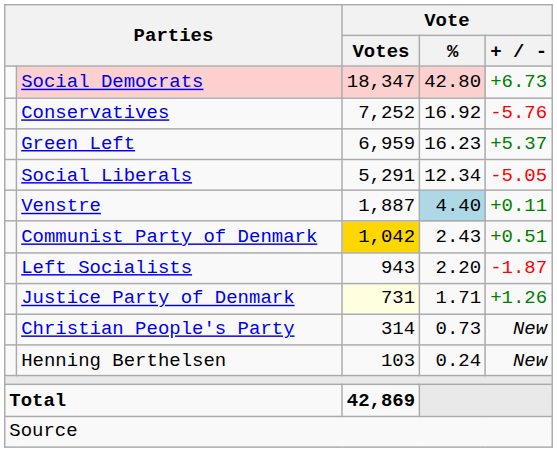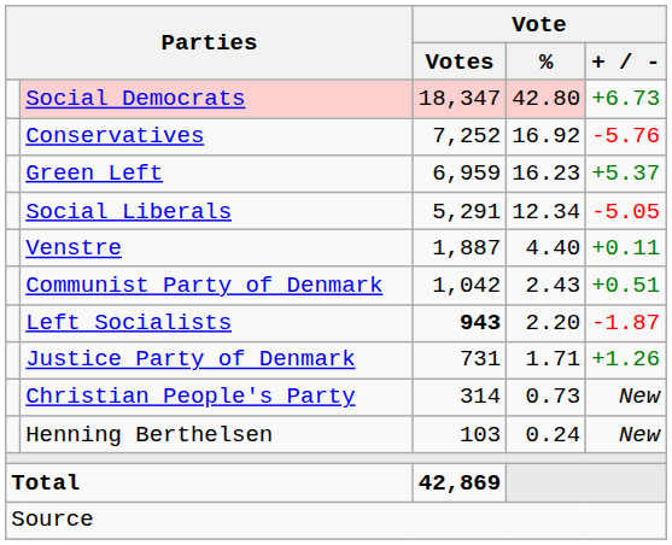 <table class="wikitable" style="text-align:right;">
 <tr>
 <th style="text-align:centre;" rowspan="2" colspan="2" width="225">Parties</th>
 <th colspan="3">Vote</th>
 </tr>
 <tr>
 <th width="15">Votes</th>
 <th width="15">%</th>
 <th width="15">+ / -</th>
 </tr>
 <tr>
 <td width="2" style="color:inherit;background:"></td>
 <td bgcolor=#fbd0ce  align="left"><a href='#'>Social Democrats</a></td>
 <td bgcolor=#fbd0ce>18,347</td>
 <td bgcolor=#fbd0ce>42.80</td>
 <td style=color:green;>+6.73</td>
 </tr>
 <tr>
 <td width="2" style="color:inherit;background:"></td>
 <td align="left"><a href='#'>Conservatives</a></td>
 <td>7,252</td>
 <td>16.92</td>
 <td style=color:red;>-5.76</td>
 </tr>
 <tr>
 <td width="2" style="color:inherit;background:"></td>
 <td align="left"><a href='#'>Green Left</a></td>
 <td>6,959</td>
 <td>16.23</td>
 <td style=color:green;>+5.37</td>
 </tr>
 <tr>
 <td width="2" style="color:inherit;background:"></td>
 <td align="left"><a href='#'>Social Liberals</a></td>
 <td>5,291</td>
 <td>12.34</td>
 <td style=color:red;>-5.05</td>
 </tr>
 <tr>
 <td width="2" style="color:inherit;background:"></td>
 <td align="left"><a href='#'>Venstre</a></td>
 <td>1,887</td>
-<td style="background: lightblue;">4.40</td>
+<td>4.40</td>
 <td style=color:green;>+0.11</td>
 </tr>
 <tr>
 <td width="2" style="color:inherit;background:"></td>
 <td align="left"><a href='#'>Communist Party of Denmark</a></td>
-<td style="background: gold;">1,042</td>
+<td>1,042</td>
 <td>2.43</td>
 <td style=color:green;>+0.51</td>
 </tr>
 <tr>
 <td width="2" style="color:inherit;background:"></td>
 <td align="left"><a href='#'>Left Socialists</a></td>
-<td>943</td>
+<td><strong>943</strong></td>
 <td>2.20</td>
 <td style=color:red;>-1.87</td>
 </tr>
 <tr>
 <td width="2" style="color:inherit;background:"></td>
 <td align="left"><a href='#'>Justice Party of Denmark</a></td>
-<td style="background: lightyellow;">731</td>
+<td>731</td>
 <td>1.71</td>
 <td style=color:green;>+1.26</td>
 </tr>
 <tr>
 <td width="2" style="color:inherit;background:"></td>
 <td align="left"><a href='#'>Christian People's Party</a></td>
 <td>314</td>
 <td>0.73</td>
 <td><em>New</em></td>
 </tr>
 <tr>
 <td width="2" style="color:inherit;background:"></td>
 <td align="left">Henning Berthelsen</td>
 <td>103</td>
 <td>0.24</td>
 <td><em>New</em></td>
 </tr>
 <tr>
 <td colspan="7" bgcolor="#E9E9E9"></td>
 </tr>
 <tr>
 <td align="left" colspan="2"><strong>Total</strong></td>
 <td><strong>42,869</strong></td>
 <td bgcolor="#E9E9E9" colspan="2"></td>
 </tr>
 <tr>
 <td align="left" colspan="6">Source</td>
 </tr>
 </table>
